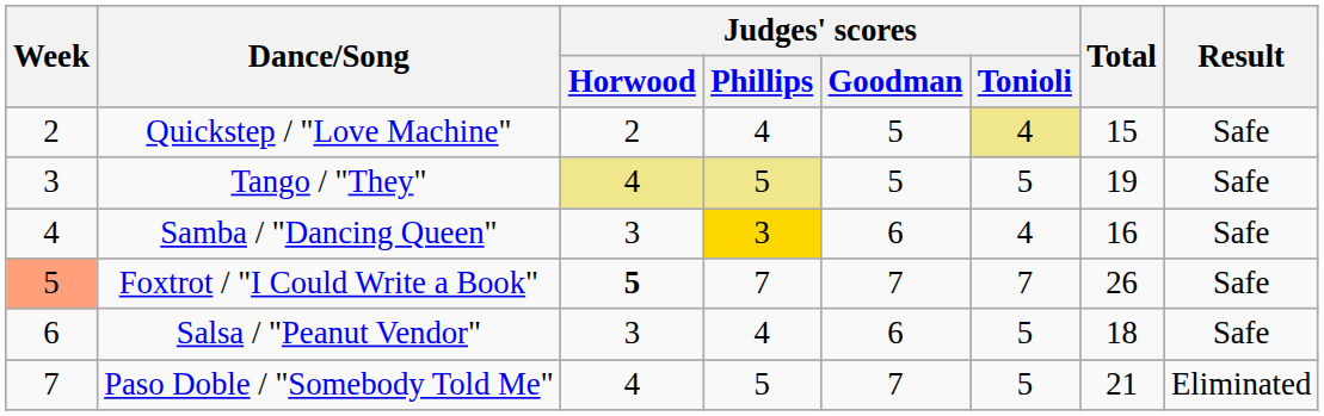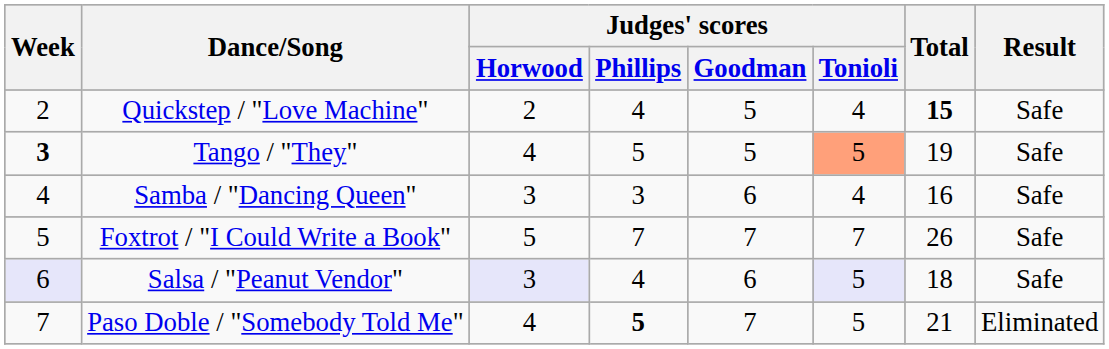 <table class="wikitable" style="text-align: center; width=100%;">
 <tr>
 <th rowspan="2">Week</th>
 <th rowspan="2">Dance/Song</th>
 <th colspan="4">Judges' scores</th>
 <th rowspan="2">Total</th>
 <th rowspan="2">Result</th>
 </tr>
 <tr>
 <th><a href='#'>Horwood</a></th>
 <th><a href='#'>Phillips</a></th>
 <th><a href='#'>Goodman</a></th>
 <th><a href='#'>Tonioli</a></th>
 </tr>
 <tr>
 <td>2</td>
 <td><a href='#'>Quickstep</a> / "<a href='#'>Love Machine</a>"</td>
 <td>2</td>
 <td>4</td>
 <td>5</td>
-<td style="background: khaki;">4</td>
-<td>15</td>
+<td>4</td>
+<td><strong>15</strong></td>
 <td>Safe</td>
 </tr>
 <tr>
-<td>3</td>
+<td><strong>3</strong></td>
 <td><a href='#'>Tango</a> / "<a href='#'>They</a>"</td>
-<td style="background: khaki;">4</td>
-<td style="background: khaki;">5</td>
+<td>4</td>
 <td>5</td>
 <td>5</td>
+<td style="background: lightsalmon;">5</td>
 <td>19</td>
 <td>Safe</td>
 </tr>
 <tr>
 <td>4</td>
 <td><a href='#'>Samba</a> / "<a href='#'>Dancing Queen</a>"</td>
 <td>3</td>
-<td style="background: gold;">3</td>
+<td>3</td>
 <td>6</td>
 <td>4</td>
 <td>16</td>
 <td>Safe</td>
 </tr>
 <tr>
-<td style="background: lightsalmon;">5</td>
+<td>5</td>
 <td><a href='#'>Foxtrot</a> / "<a href='#'>I Could Write a Book</a>"</td>
-<td><strong>5</strong></td>
+<td>5</td>
 <td>7</td>
 <td>7</td>
 <td>7</td>
 <td>26</td>
 <td>Safe</td>
 </tr>
 <tr>
-<td>6</td>
+<td style="background: lavender;">6</td>
 <td><a href='#'>Salsa</a> / "<a href='#'>Peanut Vendor</a>"</td>
-<td>3</td>
+<td style="background: lavender;">3</td>
 <td>4</td>
 <td>6</td>
-<td>5</td>
+<td style="background: lavender;">5</td>
 <td>18</td>
 <td>Safe</td>
 </tr>
 <tr>
 <td>7</td>
 <td><a href='#'>Paso Doble</a> / "<a href='#'>Somebody Told Me</a>"</td>
 <td>4</td>
-<td>5</td>
+<td><strong>5</strong></td>
 <td>7</td>
 <td>5</td>
 <td>21</td>
 <td>Eliminated</td>
 </tr>
 </table>
